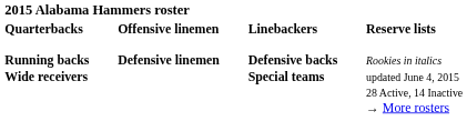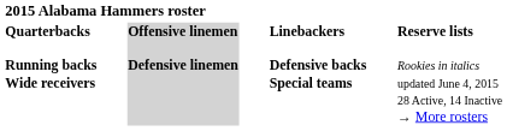 <table class="toccolours" style="text-align: left;">
 <tr>
 <th colspan="7"><strong>2015 Alabama Hammers roster</strong></th>
 </tr>
 <tr>
 <td style="font-size: 95%;vertical-align:top;"><strong>Quarterbacks</strong><br>  <br><strong>Running backs</strong> <br><strong>Wide receivers</strong>    </td>
 <td style="width: 25px;"></td>
-<td style="font-size: 95%;vertical-align:top;"><strong>Offensive linemen</strong><br>   <br><strong>Defensive linemen</strong>       </td>
+<td style="background: lightgrey; font-size: 95%;vertical-align:top;"><strong>Offensive linemen</strong><br>   <br><strong>Defensive linemen</strong>       </td>
 <td style="width: 25px;"></td>
 <td style="font-size: 95%;vertical-align:top;"><strong>Linebackers</strong><br> <br><strong>Defensive backs</strong>     <br><strong>Special teams</strong> </td>
 <td style="width: 25px;"></td>
 <td style="font-size: 95%;vertical-align:top;"><strong>Reserve lists</strong><br>             <br><small><em>Rookies in italics</em><br> updated June 4, 2015</small><br> <small>28 Active, 14 Inactive</small><br>→ <a href='#'>More rosters</a></td>
 </tr>
 <tr>
 </tr>
 </table>
